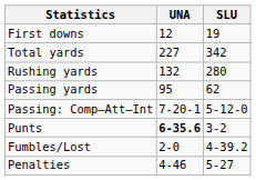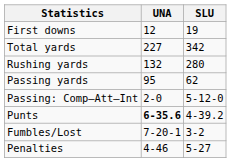 <table class="wikitable" style="float:left">
 <tr>
 <th>Statistics</th>
 <th>UNA</th>
 <th>SLU</th>
 </tr>
 <tr>
 <td>First downs</td>
 <td>12</td>
 <td>19</td>
 </tr>
 <tr>
 <td>Total yards</td>
 <td>227</td>
 <td>342</td>
 </tr>
 <tr>
 <td>Rushing yards</td>
 <td>132</td>
 <td>280</td>
 </tr>
 <tr>
 <td>Passing yards</td>
 <td>95</td>
 <td>62</td>
 </tr>
 <tr>
 <td>Passing: Comp–Att–Int</td>
-<td>7-20-1</td>
+<td>2-0</td>
 <td>5-12-0</td>
 </tr>
 <tr>
 <td>Punts</td>
 <td><strong>6-35.6</strong></td>
-<td>3-2</td>
+<td>4-39.2</td>
 </tr>
 <tr>
 <td>Fumbles/Lost</td>
-<td>2-0</td>
-<td>4-39.2</td>
+<td>7-20-1</td>
+<td>3-2</td>
 </tr>
 <tr>
 <td>Penalties</td>
 <td>4-46</td>
 <td>5-27</td>
 </tr>
 </table>
